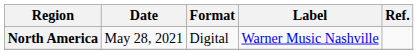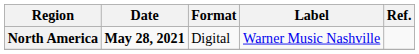 <table class="wikitable plainrowheaders">
 <tr>
 <th scope="col">Region</th>
 <th scope="col">Date</th>
 <th scope="col">Format</th>
 <th scope="col">Label</th>
 <th scope="col">Ref.</th>
 </tr>
 <tr>
 <th scope="row">North America</th>
-<td>May 28, 2021</td>
+<td><strong>May 28, 2021</strong></td>
 <td>Digital</td>
 <td><a href='#'>Warner Music Nashville</a></td>
 <td></td>
 </tr>
 <tr>
 </tr>
 </table>
